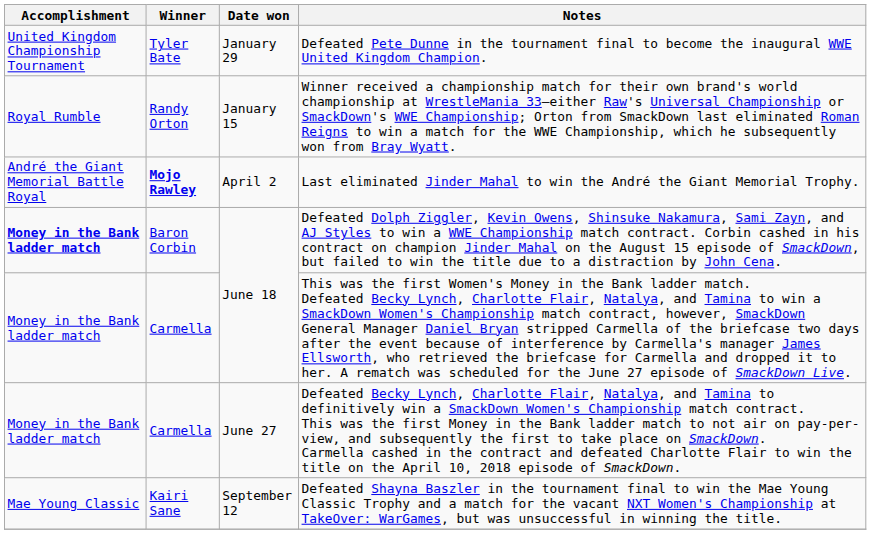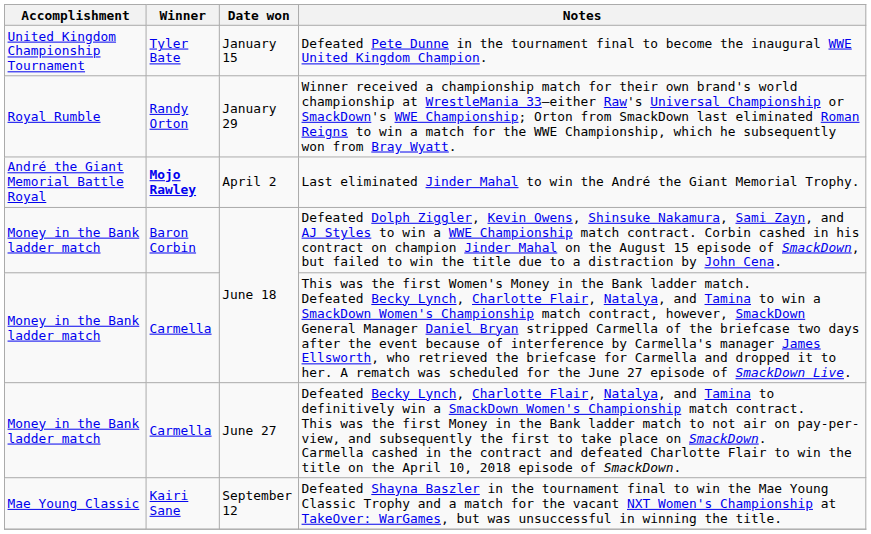 <table class="wikitable">
 <tr>
 <th>Accomplishment</th>
 <th>Winner</th>
 <th>Date won</th>
 <th>Notes</th>
 </tr>
 <tr>
 <td><a href='#'>United Kingdom Championship Tournament</a></td>
 <td><a href='#'>Tyler Bate</a></td>
-<td>January 29</td>
+<td>January 15</td>
 <td>Defeated <a href='#'>Pete Dunne</a> in the tournament final to become the inaugural <a href='#'>WWE United Kingdom Champion</a>.</td>
 </tr>
 <tr>
 <td><a href='#'>Royal Rumble</a></td>
 <td><a href='#'>Randy Orton</a></td>
-<td>January 15</td>
+<td>January 29</td>
 <td>Winner received a championship match for their own brand's world championship at <a href='#'>WrestleMania 33</a>—either <a href='#'>Raw</a>'s <a href='#'>Universal Championship</a> or <a href='#'>SmackDown</a>'s <a href='#'>WWE Championship</a>; Orton from SmackDown last eliminated <a href='#'>Roman Reigns</a> to win a match for the WWE Championship, which he subsequently won from <a href='#'>Bray Wyatt</a>.</td>
 </tr>
 <tr>
 <td><a href='#'>André the Giant Memorial Battle Royal</a></td>
 <td><strong><a href='#'>Mojo Rawley</a></strong></td>
 <td>April 2</td>
 <td>Last eliminated <a href='#'>Jinder Mahal</a> to win the André the Giant Memorial Trophy.</td>
 </tr>
 <tr>
-<td><strong><a href='#'>Money in the Bank ladder match</a><br></strong></td>
+<td><a href='#'>Money in the Bank ladder match</a><br></td>
 <td><a href='#'>Baron Corbin</a></td>
 <td rowspan=2>June 18</td>
 <td>Defeated <a href='#'>Dolph Ziggler</a>, <a href='#'>Kevin Owens</a>, <a href='#'>Shinsuke Nakamura</a>, <a href='#'>Sami Zayn</a>, and <a href='#'>AJ Styles</a> to win a <a href='#'>WWE Championship</a> match contract. Corbin cashed in his contract on champion <a href='#'>Jinder Mahal</a> on the August 15 episode of <em><a href='#'>SmackDown</a></em>, but failed to win the title due to a distraction by <a href='#'>John Cena</a>.</td>
 </tr>
 <tr>
 <td><a href='#'>Money in the Bank ladder match</a><br></td>
 <td><a href='#'>Carmella</a></td>
 <td>This was the first Women's Money in the Bank ladder match.<br>Defeated <a href='#'>Becky Lynch</a>, <a href='#'>Charlotte Flair</a>, <a href='#'>Natalya</a>, and <a href='#'>Tamina</a> to win a <a href='#'>SmackDown Women's Championship</a> match contract, however, <a href='#'>SmackDown</a> General Manager <a href='#'>Daniel Bryan</a> stripped Carmella of the briefcase two days after the event because of interference by Carmella's manager <a href='#'>James Ellsworth</a>, who retrieved the briefcase for Carmella and dropped it to her. A rematch was scheduled for the June 27 episode of <em><a href='#'>SmackDown Live</a></em>.</td>
 </tr>
 <tr>
 <td><a href='#'>Money in the Bank ladder match</a><br></td>
 <td><a href='#'>Carmella</a></td>
 <td>June 27</td>
 <td>Defeated <a href='#'>Becky Lynch</a>, <a href='#'>Charlotte Flair</a>, <a href='#'>Natalya</a>, and <a href='#'>Tamina</a> to definitively win a <a href='#'>SmackDown Women's Championship</a> match contract.<br>This was the first Money in the Bank ladder match to not air on pay-per-view, and subsequently the first to take place on <em><a href='#'>SmackDown</a></em>.<br>Carmella cashed in the contract and defeated Charlotte Flair to win the title on the April 10, 2018 episode of <em>SmackDown</em>.</td>
 </tr>
 <tr>
 <td><a href='#'>Mae Young Classic</a></td>
 <td><a href='#'>Kairi Sane</a></td>
 <td>September 12</td>
 <td>Defeated <a href='#'>Shayna Baszler</a> in the tournament final to win the Mae Young Classic Trophy and a match for the vacant <a href='#'>NXT Women's Championship</a> at <a href='#'>TakeOver: WarGames</a>, but was unsuccessful in winning the title.</td>
 </tr>
 <tr>
 </tr>
 </table>
